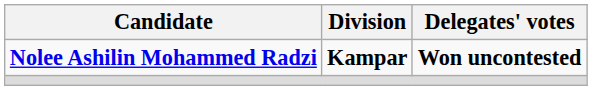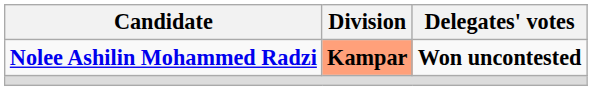 <table class="wikitable">
 <tr>
 <th>Candidate</th>
 <th>Division</th>
 <th>Delegates' votes</th>
 </tr>
 <tr>
 <td><strong><a href='#'>Nolee Ashilin Mohammed Radzi</a></strong></td>
-<td><strong>Kampar</strong></td>
+<td style="background: lightsalmon;"><strong>Kampar</strong></td>
 <td colspan="1"><strong>Won uncontested</strong></td>
 </tr>
 <tr>
 <td colspan="4" bgcolor="dcdcdc"></td>
 </tr>
 </table>
